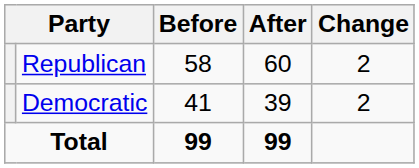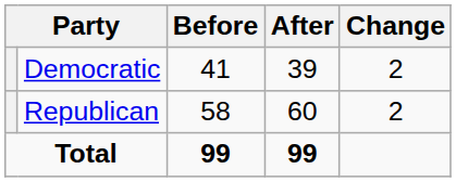 <table class="wikitable" style="text-align:center;">
 <tr>
 <th colspan="2">Party</th>
 <th>Before</th>
 <th>After</th>
 <th>Change</th>
 </tr>
 <tr>
 <th style="background-color:"></th>
-<td style="text-align:left;"><a href='#'>Republican</a></td>
-<td>58</td>
-<td>60</td>
+<td style="text-align:left;"><a href='#'>Democratic</a></td>
+<td>41</td>
+<td>39</td>
 <td> 2</td>
 </tr>
 <tr>
 <th style="background-color:"></th>
-<td style="text-align:left;"><a href='#'>Democratic</a></td>
-<td>41</td>
-<td>39</td>
+<td style="text-align:left;"><a href='#'>Republican</a></td>
+<td>58</td>
+<td>60</td>
 <td> 2</td>
 </tr>
 <tr>
 <td colspan="2"><strong>Total</strong></td>
 <td><strong>99</strong></td>
 <td><strong>99</strong></td>
 <td></td>
 </tr>
 </table>
